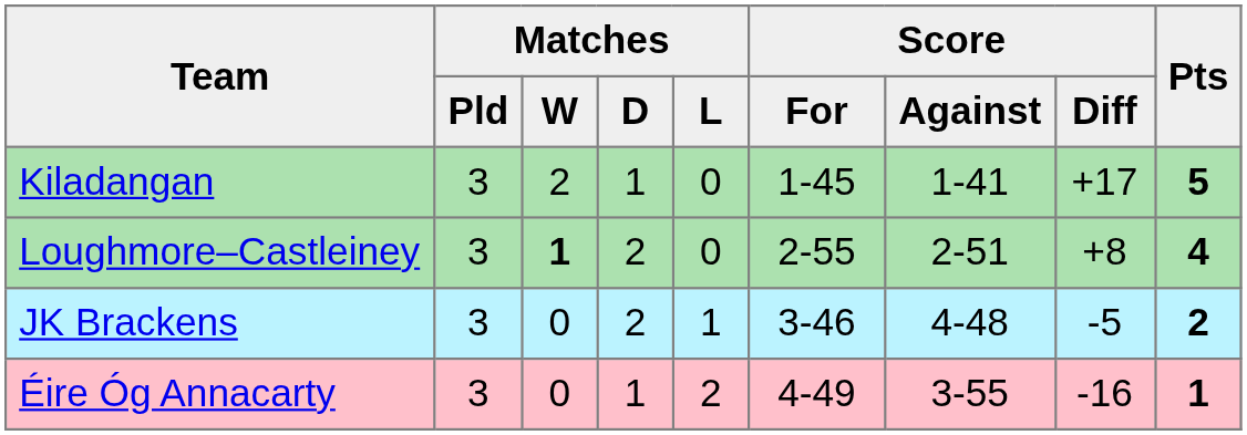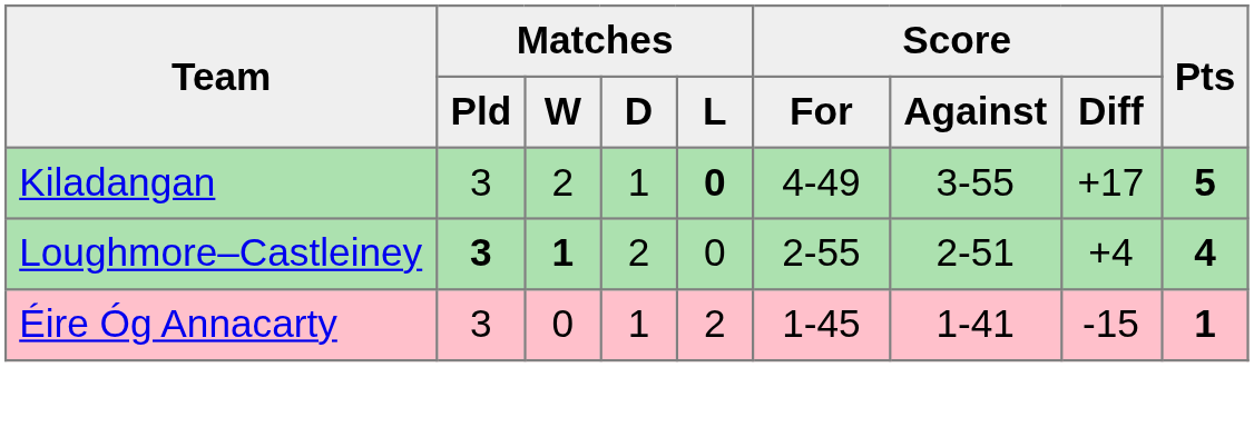 <table style=border-collapse:collapse border=1 cellspacing=0 cellpadding=5>
 <tr align=center bgcolor=#efefef>
 <th rowspan=2 width=165>Team</th>
 <th colspan=4>Matches</th>
 <th colspan=3>Score</th>
 <th rowspan=2width=20>Pts</th>
 </tr>
 <tr align=center bgcolor=#efefef>
 <th width=20>Pld</th>
 <th width=20>W</th>
 <th width=20>D</th>
 <th width=20>L</th>
 <th width=45>For</th>
 <th width=45>Against</th>
 <th width=30>Diff</th>
 </tr>
 <tr align=center  style="background:#ACE1AF;">
 <td style="text-align:left;"> <a href='#'>Kiladangan</a></td>
 <td>3</td>
 <td>2</td>
 <td>1</td>
-<td>0</td>
-<td>1-45</td>
-<td>1-41</td>
+<td><strong>0</strong></td>
+<td>4-49</td>
+<td>3-55</td>
 <td>+17</td>
 <td><strong>5</strong></td>
 </tr>
 <tr align=center  style="background:#ACE1AF;">
 <td style="text-align:left;"> <a href='#'>Loughmore–Castleiney</a></td>
-<td>3</td>
+<td><strong>3</strong></td>
 <td><strong>1</strong></td>
 <td>2</td>
 <td>0</td>
 <td>2-55</td>
 <td>2-51</td>
-<td>+8</td>
+<td>+4</td>
 <td><strong>4</strong></td>
-</tr>
-<tr align=center style="background:#BBF3FF;">
-<td style="text-align:left;"> <a href='#'>JK Brackens</a></td>
-<td>3</td>
-<td>0</td>
-<td>2</td>
-<td>1</td>
-<td>3-46</td>
-<td>4-48</td>
-<td>-5</td>
-<td><strong>2</strong></td>
 </tr>
 <tr align=center style="background:#FFC0CB;">
 <td style="text-align:left;"> <a href='#'>Éire Óg Annacarty</a></td>
 <td>3</td>
 <td>0</td>
 <td>1</td>
 <td>2</td>
-<td>4-49</td>
-<td>3-55</td>
-<td>-16</td>
+<td>1-45</td>
+<td>1-41</td>
+<td>-15</td>
 <td><strong>1</strong></td>
 </tr>
 </table>
